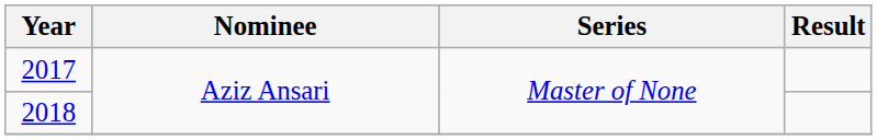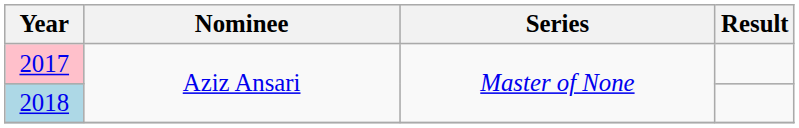 <table class="wikitable" style="text-align: center">
 <tr>
 <th style="width:10%;">Year</th>
 <th style="width:40%;">Nominee</th>
 <th style="width:40%;">Series</th>
 <th style="width:10%;">Result</th>
 </tr>
 <tr>
-<td><a href='#'>2017</a></td>
+<td style="background: pink;"><a href='#'>2017</a></td>
 <td rowspan="2"><a href='#'>Aziz Ansari</a></td>
 <td rowspan="2"><em><a href='#'>Master of None</a></em></td>
 <td></td>
 </tr>
 <tr>
-<td><a href='#'>2018</a></td>
+<td style="background: lightblue;"><a href='#'>2018</a></td>
 <td></td>
 </tr>
 <tr>
 </tr>
 </table>
